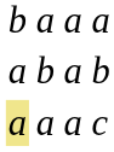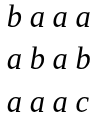 <table>
 <tr>
 <td><em>b</em></td>
 <td><em>a</em></td>
 <td><em>a</em></td>
 <td><em>a</em></td>
 </tr>
 <tr>
 <td><em>a</em></td>
 <td><em>b</em></td>
 <td><em>a</em></td>
 <td><em>b</em></td>
 </tr>
 <tr>
-<td style="background: khaki;"><em>a</em></td>
+<td><em>a</em></td>
 <td><em>a</em></td>
 <td><em>a</em></td>
 <td><em>c</em></td>
 </tr>
 </table>
